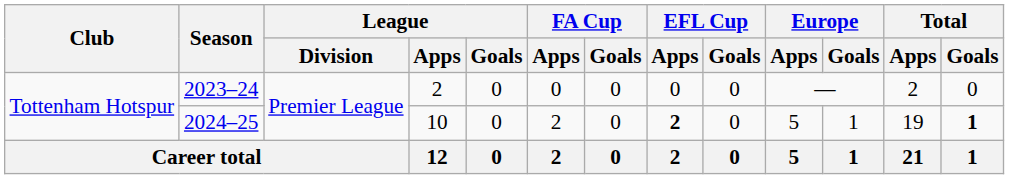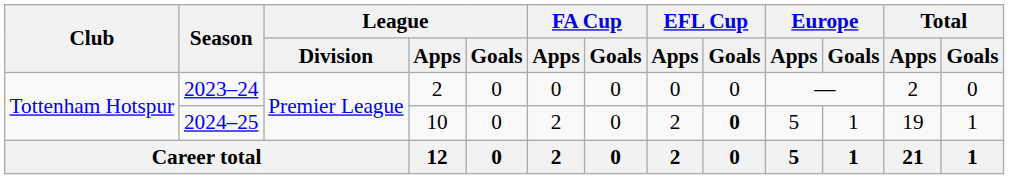 <table class="wikitable" style="text-align:center;">
 <tr>
 <th rowspan="2">Club</th>
 <th rowspan="2">Season</th>
 <th colspan="3">League</th>
 <th colspan="2"><a href='#'>FA Cup</a></th>
 <th colspan="2"><a href='#'>EFL Cup</a></th>
 <th colspan="2"><a href='#'>Europe</a></th>
 <th colspan="2">Total</th>
 </tr>
 <tr>
 <th>Division</th>
 <th>Apps</th>
 <th>Goals</th>
 <th>Apps</th>
 <th>Goals</th>
 <th>Apps</th>
 <th>Goals</th>
 <th>Apps</th>
 <th>Goals</th>
 <th>Apps</th>
 <th>Goals</th>
 </tr>
 <tr>
 <td rowspan="2"><a href='#'>Tottenham Hotspur</a></td>
 <td><a href='#'>2023–24</a></td>
 <td rowspan="2"><a href='#'>Premier League</a></td>
 <td>2</td>
 <td>0</td>
 <td>0</td>
 <td>0</td>
 <td>0</td>
 <td>0</td>
 <td colspan="2">—</td>
 <td>2</td>
 <td>0</td>
 </tr>
 <tr>
 <td><a href='#'>2024–25</a></td>
 <td>10</td>
 <td>0</td>
 <td>2</td>
 <td>0</td>
-<td><strong>2</strong></td>
-<td>0</td>
+<td>2</td>
+<td><strong>0</strong></td>
 <td>5</td>
 <td>1</td>
 <td>19</td>
-<td><strong>1</strong></td>
+<td>1</td>
 </tr>
 <tr>
 <th colspan="3">Career total</th>
 <th>12</th>
 <th>0</th>
 <th>2</th>
 <th>0</th>
 <th>2</th>
 <th>0</th>
 <th>5</th>
 <th>1</th>
 <th>21</th>
 <th>1</th>
 </tr>
 </table>
